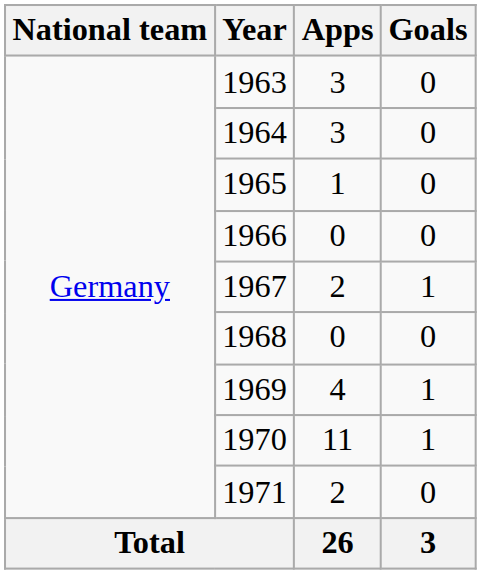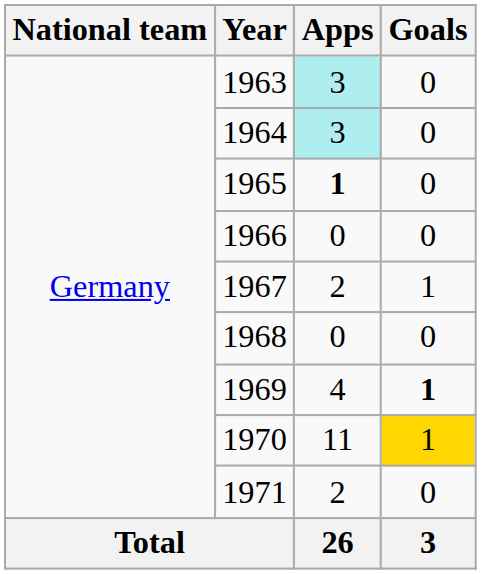 <table class="wikitable" style="text-align:center">
 <tr>
 <th>National team</th>
 <th>Year</th>
 <th>Apps</th>
 <th>Goals</th>
 </tr>
 <tr>
 <td rowspan="9"><a href='#'>Germany</a></td>
 <td>1963</td>
-<td>3</td>
+<td style="background: paleturquoise;">3</td>
 <td>0</td>
 </tr>
 <tr>
 <td>1964</td>
-<td>3</td>
+<td style="background: paleturquoise;">3</td>
 <td>0</td>
 </tr>
 <tr>
 <td>1965</td>
-<td>1</td>
+<td><strong>1</strong></td>
 <td>0</td>
 </tr>
 <tr>
 <td>1966</td>
 <td>0</td>
 <td>0</td>
 </tr>
 <tr>
 <td>1967</td>
 <td>2</td>
 <td>1</td>
 </tr>
 <tr>
 <td>1968</td>
 <td>0</td>
 <td>0</td>
 </tr>
 <tr>
 <td>1969</td>
 <td>4</td>
-<td>1</td>
+<td><strong>1</strong></td>
 </tr>
 <tr>
 <td>1970</td>
 <td>11</td>
-<td>1</td>
+<td style="background: gold;">1</td>
 </tr>
 <tr>
 <td>1971</td>
 <td>2</td>
 <td>0</td>
 </tr>
 <tr>
 <th colspan="2">Total</th>
 <th>26</th>
 <th>3</th>
 </tr>
 </table>
